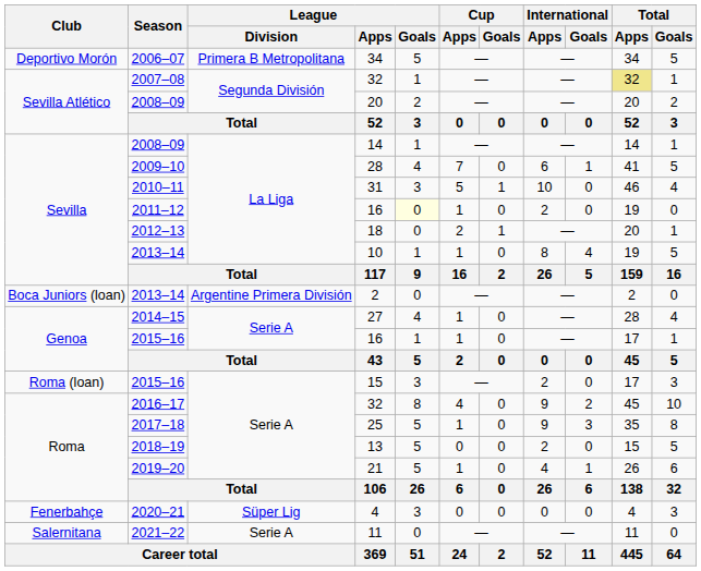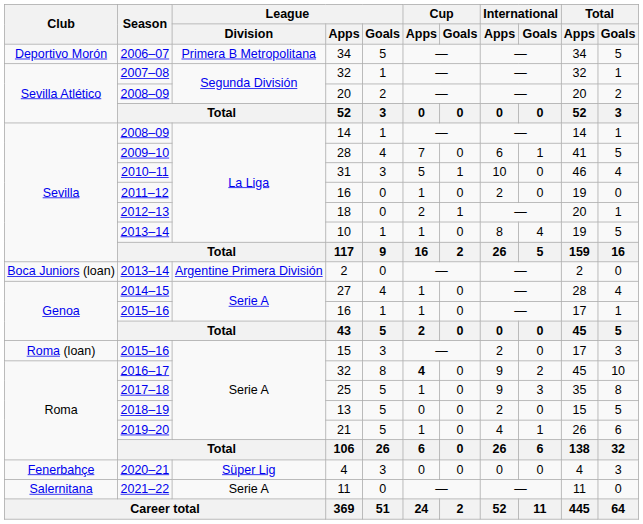 <table class="wikitable" style="text-align: center;">
 <tr>
 <th rowspan="2">Club</th>
 <th rowspan="2">Season</th>
 <th colspan="3">League</th>
 <th colspan="2">Cup</th>
 <th colspan="2">International</th>
 <th colspan="2">Total</th>
 </tr>
 <tr>
 <th>Division</th>
 <th>Apps</th>
 <th>Goals</th>
 <th>Apps</th>
 <th>Goals</th>
 <th>Apps</th>
 <th>Goals</th>
 <th>Apps</th>
 <th>Goals</th>
 </tr>
 <tr>
 <td valign="center"><a href='#'>Deportivo Morón</a></td>
 <td><a href='#'>2006–07</a></td>
 <td><a href='#'>Primera B Metropolitana</a></td>
 <td>34</td>
 <td>5</td>
 <td colspan="2">—</td>
 <td colspan="2">—</td>
 <td>34</td>
 <td>5</td>
 </tr>
 <tr>
 <td rowspan="3" valign="center"><a href='#'>Sevilla Atlético</a></td>
 <td><a href='#'>2007–08</a></td>
 <td rowspan="2"><a href='#'>Segunda División</a></td>
 <td>32</td>
 <td>1</td>
 <td colspan="2">—</td>
 <td colspan="2">—</td>
-<td style="background: khaki;">32</td>
+<td>32</td>
 <td>1</td>
 </tr>
 <tr>
 <td><a href='#'>2008–09</a></td>
 <td>20</td>
 <td>2</td>
 <td colspan="2">—</td>
 <td colspan="2">—</td>
 <td>20</td>
 <td>2</td>
 </tr>
 <tr>
 <th colspan="2">Total</th>
 <th>52</th>
 <th>3</th>
 <th>0</th>
 <th>0</th>
 <th>0</th>
 <th>0</th>
 <th>52</th>
 <th>3</th>
 </tr>
 <tr>
 <td rowspan="7" valign="center"><a href='#'>Sevilla</a></td>
 <td><a href='#'>2008–09</a></td>
 <td rowspan="6"><a href='#'>La Liga</a></td>
 <td>14</td>
 <td>1</td>
 <td colspan="2">—</td>
 <td colspan="2">—</td>
 <td>14</td>
 <td>1</td>
 </tr>
 <tr>
 <td><a href='#'>2009–10</a></td>
 <td>28</td>
 <td>4</td>
 <td>7</td>
 <td>0</td>
 <td>6</td>
 <td>1</td>
 <td>41</td>
 <td>5</td>
 </tr>
 <tr>
 <td><a href='#'>2010–11</a></td>
 <td>31</td>
 <td>3</td>
 <td>5</td>
 <td>1</td>
 <td>10</td>
 <td>0</td>
 <td>46</td>
 <td>4</td>
 </tr>
 <tr>
 <td><a href='#'>2011–12</a></td>
 <td>16</td>
-<td style="background: lightyellow;">0</td>
+<td>0</td>
 <td>1</td>
 <td>0</td>
 <td>2</td>
 <td>0</td>
 <td>19</td>
 <td>0</td>
 </tr>
 <tr>
 <td><a href='#'>2012–13</a></td>
 <td>18</td>
 <td>0</td>
 <td>2</td>
 <td>1</td>
 <td colspan="2">—</td>
 <td>20</td>
 <td>1</td>
 </tr>
 <tr>
 <td><a href='#'>2013–14</a></td>
 <td>10</td>
 <td>1</td>
 <td>1</td>
 <td>0</td>
 <td>8</td>
 <td>4</td>
 <td>19</td>
 <td>5</td>
 </tr>
 <tr>
 <th colspan="2">Total</th>
 <th>117</th>
 <th>9</th>
 <th>16</th>
 <th>2</th>
 <th>26</th>
 <th>5</th>
 <th>159</th>
 <th>16</th>
 </tr>
 <tr>
 <td valign="center"><a href='#'>Boca Juniors</a> (loan)</td>
 <td><a href='#'>2013–14</a></td>
 <td><a href='#'>Argentine Primera División</a></td>
 <td>2</td>
 <td>0</td>
 <td colspan="2">—</td>
 <td colspan="2">—</td>
 <td>2</td>
 <td>0</td>
 </tr>
 <tr>
 <td rowspan="3" valign="center"><a href='#'>Genoa</a></td>
 <td><a href='#'>2014–15</a></td>
 <td rowspan="2"><a href='#'>Serie A</a></td>
 <td>27</td>
 <td>4</td>
 <td>1</td>
 <td>0</td>
 <td colspan="2">—</td>
 <td>28</td>
 <td>4</td>
 </tr>
 <tr>
 <td><a href='#'>2015–16</a></td>
 <td>16</td>
 <td>1</td>
 <td>1</td>
 <td>0</td>
 <td colspan="2">—</td>
 <td>17</td>
 <td>1</td>
 </tr>
 <tr>
 <th colspan="2">Total</th>
 <th>43</th>
 <th>5</th>
 <th>2</th>
 <th>0</th>
 <th>0</th>
 <th>0</th>
 <th>45</th>
 <th>5</th>
 </tr>
 <tr>
 <td valign="center"><a href='#'>Roma</a> (loan)</td>
 <td><a href='#'>2015–16</a></td>
 <td rowspan="5">Serie A</td>
 <td>15</td>
 <td>3</td>
 <td colspan="2">—</td>
 <td>2</td>
 <td>0</td>
 <td>17</td>
 <td>3</td>
 </tr>
 <tr>
 <td rowspan="5" valign="center">Roma</td>
 <td><a href='#'>2016–17</a></td>
 <td>32</td>
 <td>8</td>
-<td>4</td>
+<td><strong>4</strong></td>
 <td>0</td>
 <td>9</td>
 <td>2</td>
 <td>45</td>
 <td>10</td>
 </tr>
 <tr>
 <td><a href='#'>2017–18</a></td>
 <td>25</td>
 <td>5</td>
 <td>1</td>
 <td>0</td>
 <td>9</td>
 <td>3</td>
 <td>35</td>
 <td>8</td>
 </tr>
 <tr>
 <td><a href='#'>2018–19</a></td>
 <td>13</td>
 <td>5</td>
 <td>0</td>
 <td>0</td>
 <td>2</td>
 <td>0</td>
 <td>15</td>
 <td>5</td>
 </tr>
 <tr>
 <td><a href='#'>2019–20</a></td>
 <td>21</td>
 <td>5</td>
 <td>1</td>
 <td>0</td>
 <td>4</td>
 <td>1</td>
 <td>26</td>
 <td>6</td>
 </tr>
 <tr>
 <th colspan="2">Total</th>
 <th>106</th>
 <th>26</th>
 <th>6</th>
 <th>0</th>
 <th>26</th>
 <th>6</th>
 <th>138</th>
 <th>32</th>
 </tr>
 <tr>
 <td valign="center"><a href='#'>Fenerbahçe</a></td>
 <td><a href='#'>2020–21</a></td>
 <td><a href='#'>Süper Lig</a></td>
 <td>4</td>
 <td>3</td>
 <td>0</td>
 <td>0</td>
 <td>0</td>
 <td>0</td>
 <td>4</td>
 <td>3</td>
 </tr>
 <tr>
 <td valign="center"><a href='#'>Salernitana</a></td>
 <td><a href='#'>2021–22</a></td>
 <td>Serie A</td>
 <td>11</td>
 <td>0</td>
 <td colspan="2">—</td>
 <td colspan="2">—</td>
 <td>11</td>
 <td>0</td>
 </tr>
 <tr>
 <th colspan="3">Career total</th>
 <th>369</th>
 <th>51</th>
 <th>24</th>
 <th>2</th>
 <th>52</th>
 <th>11</th>
 <th>445</th>
 <th>64</th>
 </tr>
 </table>
